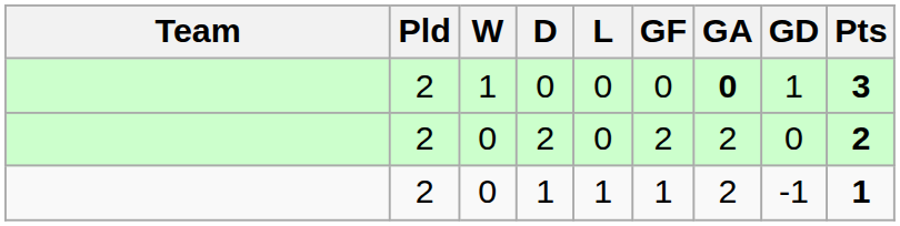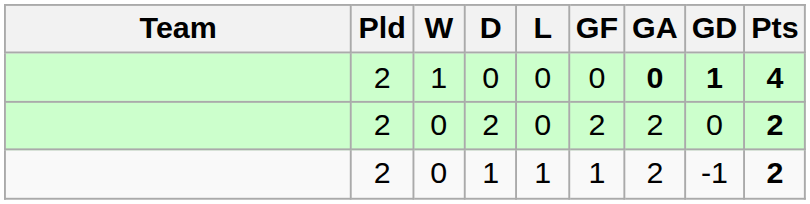 <table class="wikitable" style="text-align: center;">
 <tr>
 <th width=175>Team</th>
 <th width=20 abbr="Played">Pld</th>
 <th width=20 abbr="Won">W</th>
 <th width=20 abbr="Drawn">D</th>
 <th width=20 abbr="Lost">L</th>
 <th width=20 abbr="Goals for">GF</th>
 <th width=20 abbr="Goals against">GA</th>
 <th width=20 abbr="Goal difference">GD</th>
 <th width=20 abbr="Points">Pts</th>
 </tr>
 <tr bgcolor=#ccffcc>
 <td></td>
 <td>2</td>
 <td>1</td>
 <td 1>0</td>
 <td>0</td>
 <td>0</td>
 <td><strong>0</strong></td>
-<td>1</td>
-<td><strong>3</strong></td>
+<td><strong>1</strong></td>
+<td><strong>4</strong></td>
 </tr>
 <tr bgcolor=#ccffcc>
 <td></td>
 <td>2</td>
 <td>0</td>
 <td>2</td>
 <td>0</td>
 <td>2</td>
 <td>2</td>
 <td>0</td>
 <td><strong>2</strong></td>
 </tr>
 <tr>
 <td></td>
 <td>2</td>
 <td>0</td>
 <td>1</td>
 <td>1</td>
 <td>1</td>
 <td>2</td>
 <td>-1</td>
-<td><strong>1</strong></td>
+<td><strong>2</strong></td>
 </tr>
 </table>
